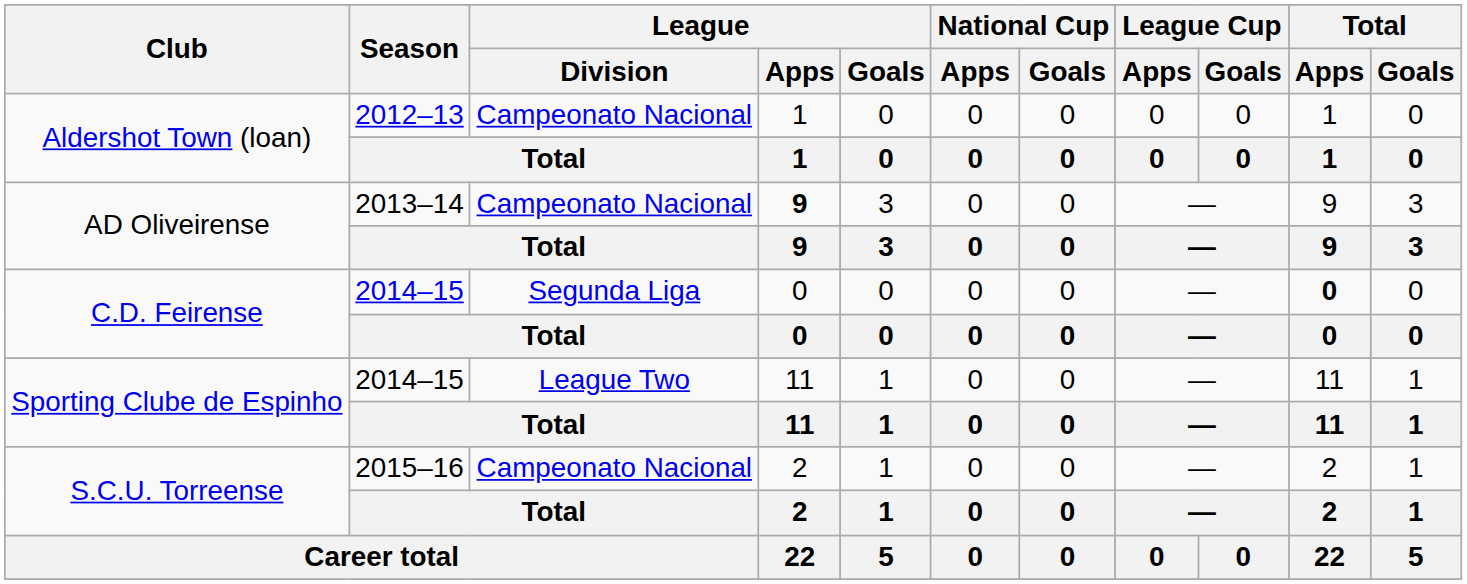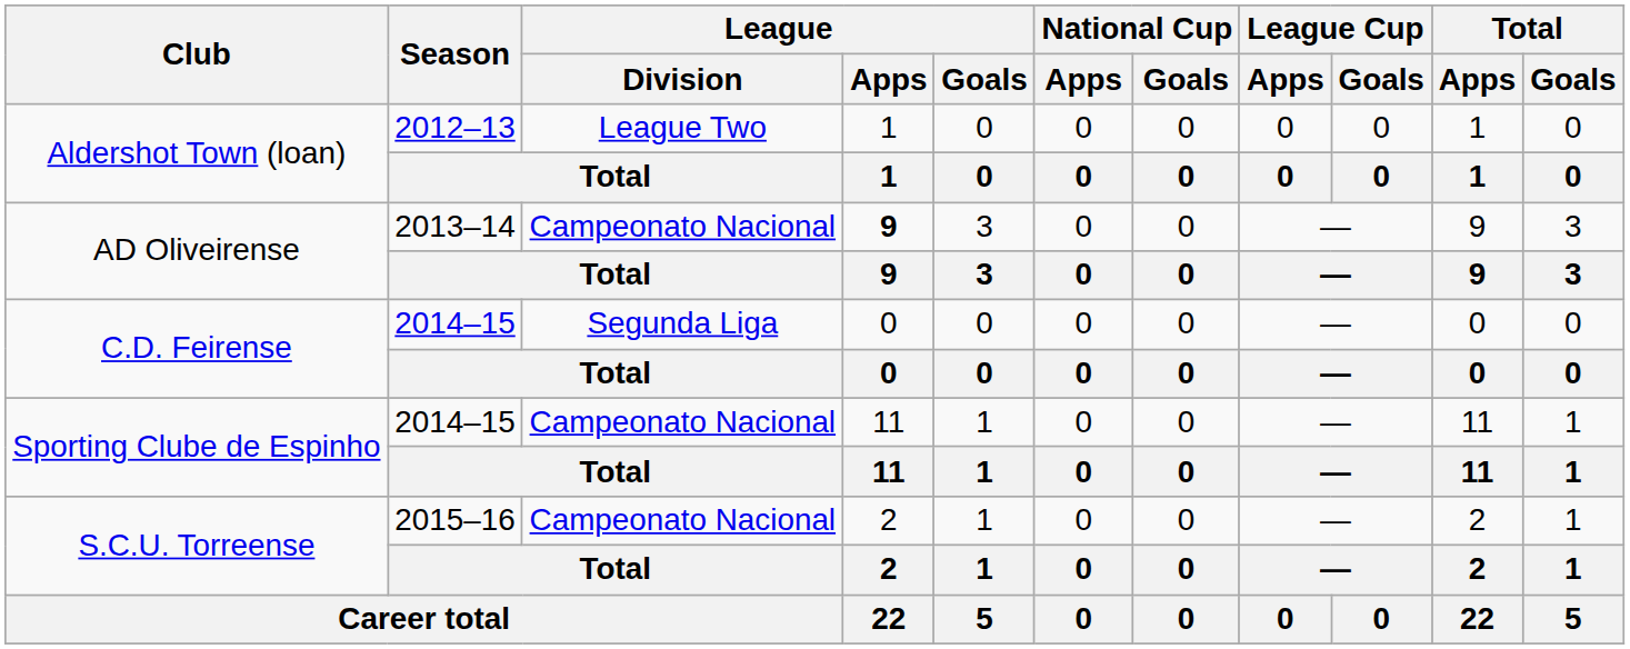 <table class="wikitable" style="text-align:center">
 <tr>
 <th rowspan="2">Club</th>
 <th rowspan="2">Season</th>
 <th colspan="3">League</th>
 <th colspan="2">National Cup</th>
 <th colspan="2">League Cup</th>
 <th colspan="2">Total</th>
 </tr>
 <tr>
 <th>Division</th>
 <th>Apps</th>
 <th>Goals</th>
 <th>Apps</th>
 <th>Goals</th>
 <th>Apps</th>
 <th>Goals</th>
 <th>Apps</th>
 <th>Goals</th>
 </tr>
 <tr>
 <td rowspan="2"><a href='#'>Aldershot Town</a> (loan)</td>
 <td><a href='#'>2012–13</a></td>
-<td><a href='#'>Campeonato Nacional</a></td>
+<td><a href='#'>League Two</a></td>
 <td>1</td>
 <td>0</td>
 <td>0</td>
 <td>0</td>
 <td>0</td>
 <td>0</td>
 <td>1</td>
 <td>0</td>
 </tr>
 <tr>
 <th colspan="2">Total</th>
 <th>1</th>
 <th>0</th>
 <th>0</th>
 <th>0</th>
 <th>0</th>
 <th>0</th>
 <th>1</th>
 <th>0</th>
 </tr>
 <tr>
 <td rowspan="2">AD Oliveirense</td>
 <td>2013–14</td>
 <td><a href='#'>Campeonato Nacional</a></td>
 <td><strong>9</strong></td>
 <td>3</td>
 <td>0</td>
 <td>0</td>
 <td colspan="2">—</td>
 <td>9</td>
 <td>3</td>
 </tr>
 <tr>
 <th colspan="2">Total</th>
 <th>9</th>
 <th>3</th>
 <th>0</th>
 <th>0</th>
 <th colspan="2">—</th>
 <th>9</th>
 <th>3</th>
 </tr>
 <tr>
 <td rowspan="2"><a href='#'>C.D. Feirense</a></td>
 <td><a href='#'>2014–15</a></td>
 <td><a href='#'>Segunda Liga</a></td>
 <td>0</td>
 <td>0</td>
 <td>0</td>
 <td>0</td>
 <td colspan="2">—</td>
-<td><strong>0</strong></td>
+<td>0</td>
 <td>0</td>
 </tr>
 <tr>
 <th colspan="2">Total</th>
 <th>0</th>
 <th>0</th>
 <th>0</th>
 <th>0</th>
 <th colspan="2">—</th>
 <th>0</th>
 <th>0</th>
 </tr>
 <tr>
 <td rowspan="2"><a href='#'>Sporting Clube de Espinho</a></td>
 <td>2014–15</td>
-<td><a href='#'>League Two</a></td>
+<td><a href='#'>Campeonato Nacional</a></td>
 <td>11</td>
 <td>1</td>
 <td>0</td>
 <td>0</td>
 <td colspan="2">—</td>
 <td>11</td>
 <td>1</td>
 </tr>
 <tr>
 <th colspan="2">Total</th>
 <th>11</th>
 <th>1</th>
 <th>0</th>
 <th>0</th>
 <th colspan="2">—</th>
 <th>11</th>
 <th>1</th>
 </tr>
 <tr>
 <td rowspan="2"><a href='#'>S.C.U. Torreense</a></td>
 <td>2015–16</td>
 <td><a href='#'>Campeonato Nacional</a></td>
 <td>2</td>
 <td>1</td>
 <td>0</td>
 <td>0</td>
 <td colspan="2">—</td>
 <td>2</td>
 <td>1</td>
 </tr>
 <tr>
 <th colspan="2">Total</th>
 <th>2</th>
 <th>1</th>
 <th>0</th>
 <th>0</th>
 <th colspan="2">—</th>
 <th>2</th>
 <th>1</th>
 </tr>
 <tr>
 <th colspan="3">Career total</th>
 <th>22</th>
 <th>5</th>
 <th>0</th>
 <th>0</th>
 <th>0</th>
 <th>0</th>
 <th>22</th>
 <th>5</th>
 </tr>
 </table>
